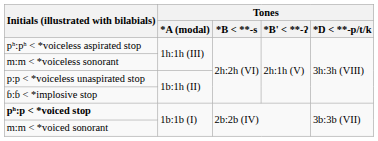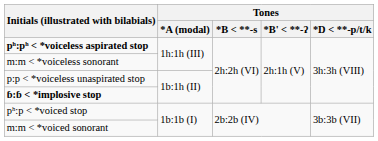 <table class="wikitable">
 <tr>
 <th rowspan="2">Initials (illustrated with bilabials)</th>
 <th colspan="4">Tones</th>
 </tr>
 <tr>
 <th>*A (modal)</th>
 <th>*B < **-s</th>
 <th>*B' < **-ʔ</th>
 <th>*D < **-p/t/k</th>
 </tr>
 <tr>
-<td>pʰ:pʰ < *voiceless aspirated stop</td>
+<td><strong>pʰ:pʰ < *voiceless aspirated stop</strong></td>
 <td rowspan="2">1h:1h (III)</td>
 <td rowspan="4">2h:2h (VI)</td>
 <td rowspan="4">2h:1h (V)</td>
 <td rowspan="4">3h:3h (VIII)</td>
 </tr>
 <tr>
 <td>m:m < *voiceless sonorant</td>
 </tr>
 <tr>
 <td>p:p < *voiceless unaspirated stop</td>
 <td rowspan="2">1b:1h (II)</td>
 </tr>
 <tr>
-<td>ɓ:ɓ < *implosive stop</td>
+<td><strong>ɓ:ɓ < *implosive stop</strong></td>
 </tr>
 <tr>
-<td><strong>pʰ:p < *voiced stop</strong></td>
+<td>pʰ:p < *voiced stop</td>
 <td rowspan="2">1b:1b (I)</td>
 <td rowspan="2" colspan="2">2b:2b (IV)</td>
 <td rowspan="2">3b:3b (VII)</td>
 </tr>
 <tr>
 <td>m:m < *voiced sonorant</td>
 </tr>
 </table>
